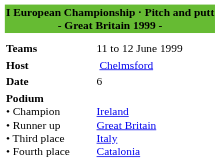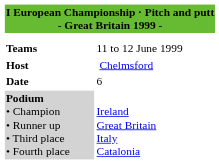 <table class="toccolours" style="float: right; margin: 0 0 1em 1em; font-size: 90%;">
 <tr>
 <td colspan="2" style="background: #66bb33; text-align: center;"><strong>I European Championship · Pitch and putt<br>- Great Britain 1999 -</strong></td>
 </tr>
 <tr>
 <td colspan="2" style="text-align: center;"></td>
 </tr>
 <tr style="vertical-align:top;">
 <td colspan=2></td>
 </tr>
 <tr style="vertical-align:top;">
 <td><strong>Teams</strong></td>
 <td>11 to 12 June 1999</td>
 </tr>
 <tr style="vertical-align:top;">
 <td><strong>Host</strong></td>
 <td> <a href='#'>Chelmsford</a></td>
 </tr>
 <tr style="vertical-align:top;">
 <td><strong>Date</strong></td>
 <td>6</td>
 </tr>
 <tr style="vertical-align:top;">
-<td><strong>Podium</strong><br>• Champion<br>• Runner up<br>• Third place<br>• Fourth place</td>
+<td style="background: lightgrey;"><strong>Podium</strong><br>• Champion<br>• Runner up<br>• Third place<br>• Fourth place</td>
 <td><br> <a href='#'>Ireland</a> <br> <a href='#'>Great Britain</a> <br> <a href='#'>Italy</a> <br>  <a href='#'>Catalonia</a></td>
 </tr>
 </table>
